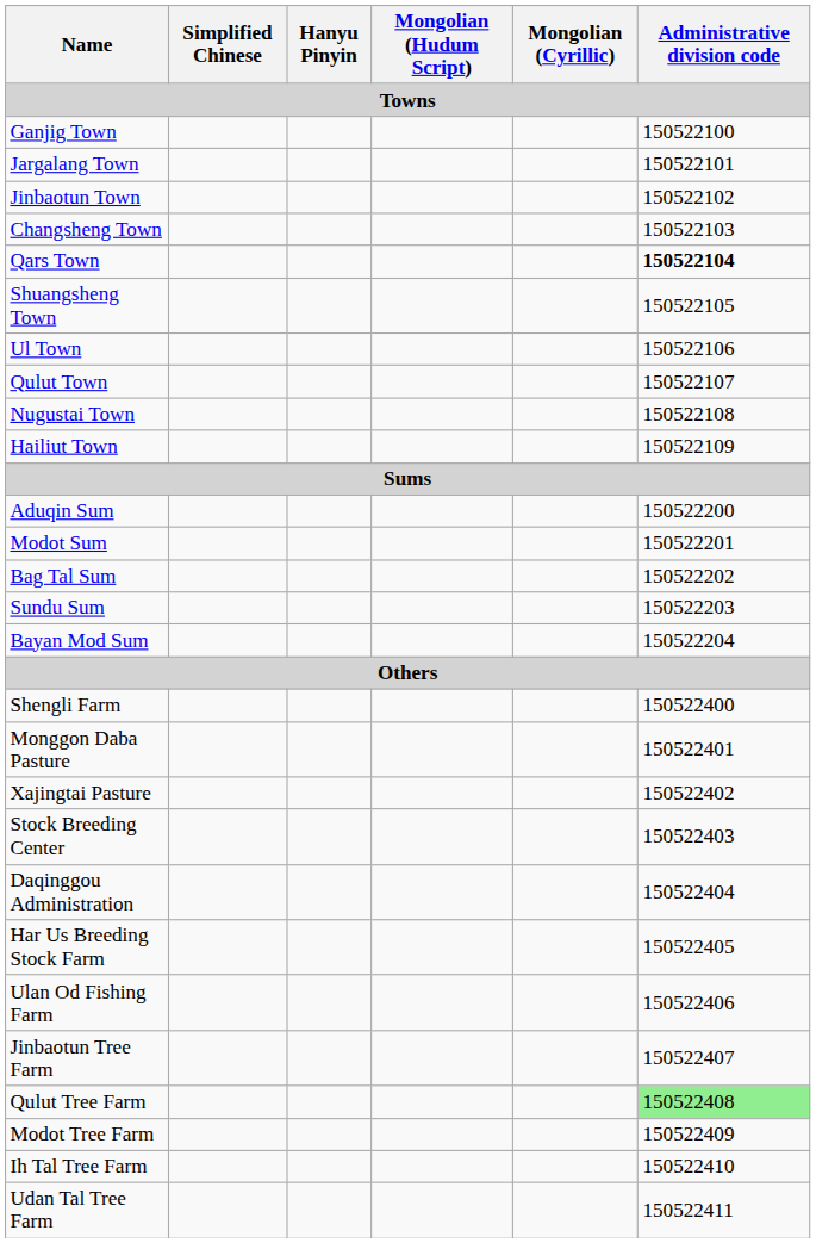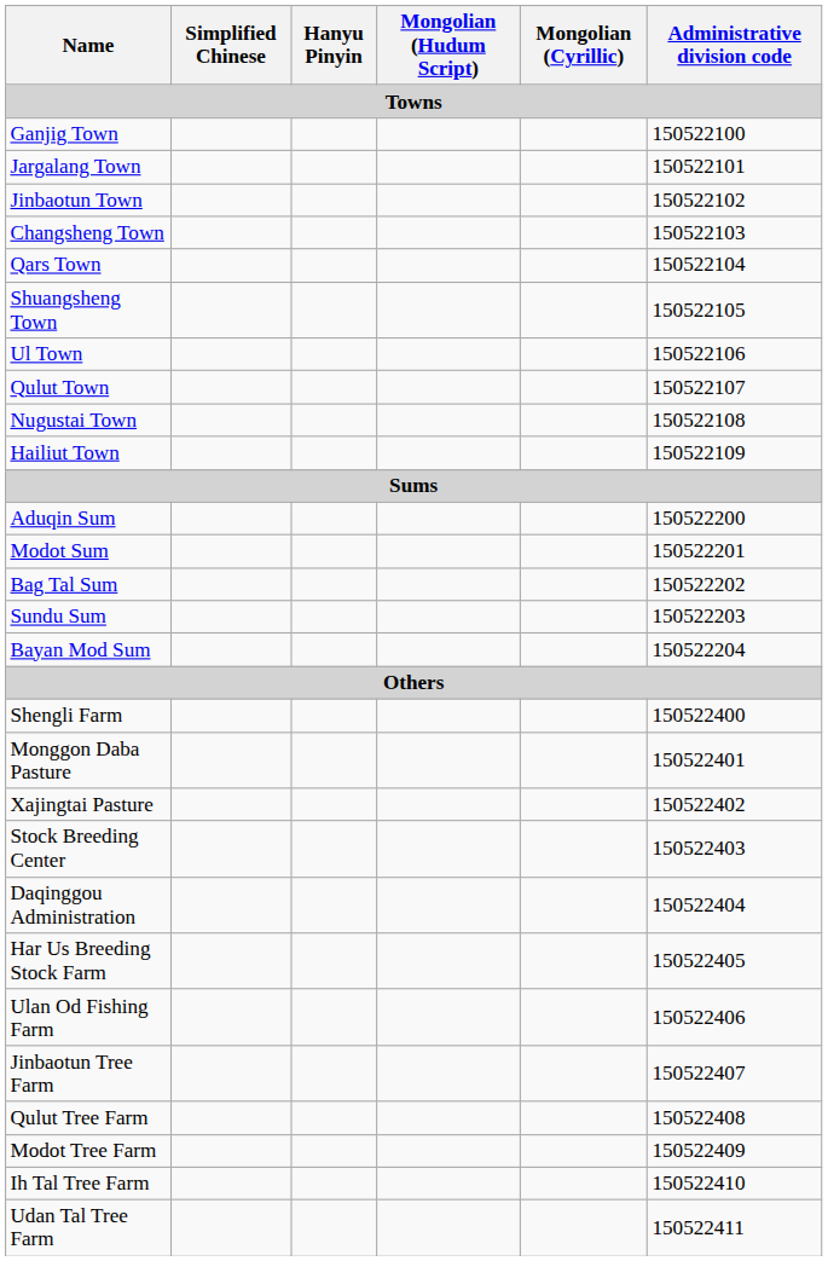 <table class="wikitable" align="center" style="width:50%; border="1">
 <tr>
 <th>Name</th>
 <th>Simplified Chinese</th>
 <th>Hanyu Pinyin</th>
 <th><a href='#'>Mongolian</a> (<a href='#'>Hudum Script</a>)</th>
 <th>Mongolian (<a href='#'>Cyrillic</a>)</th>
 <th><a href='#'>Administrative division code</a></th>
 </tr>
 <tr>
 <td colspan="6"  style="text-align:center; background:#d3d3d3;"><strong>Towns</strong></td>
 </tr>
 <tr --------->
 <td><a href='#'>Ganjig Town</a></td>
 <td></td>
 <td></td>
 <td></td>
 <td></td>
 <td>150522100</td>
 </tr>
 <tr>
 <td><a href='#'>Jargalang Town</a></td>
 <td></td>
 <td></td>
 <td></td>
 <td></td>
 <td>150522101</td>
 </tr>
 <tr>
 <td><a href='#'>Jinbaotun Town</a></td>
 <td></td>
 <td></td>
 <td></td>
 <td></td>
 <td>150522102</td>
 </tr>
 <tr>
 <td><a href='#'>Changsheng Town</a></td>
 <td></td>
 <td></td>
 <td></td>
 <td></td>
 <td>150522103</td>
 </tr>
 <tr>
 <td><a href='#'>Qars Town</a></td>
 <td></td>
 <td></td>
 <td></td>
 <td></td>
-<td><strong>150522104</strong></td>
+<td>150522104</td>
 </tr>
 <tr>
 <td><a href='#'>Shuangsheng Town</a></td>
 <td></td>
 <td></td>
 <td></td>
 <td></td>
 <td>150522105</td>
 </tr>
 <tr>
 <td><a href='#'>Ul Town</a></td>
 <td></td>
 <td></td>
 <td></td>
 <td></td>
 <td>150522106</td>
 </tr>
 <tr>
 <td><a href='#'>Qulut Town</a></td>
 <td></td>
 <td></td>
 <td></td>
 <td></td>
 <td>150522107</td>
 </tr>
 <tr>
 <td><a href='#'>Nugustai Town</a></td>
 <td></td>
 <td></td>
 <td></td>
 <td></td>
 <td>150522108</td>
 </tr>
 <tr>
 <td><a href='#'>Hailiut Town</a></td>
 <td></td>
 <td></td>
 <td></td>
 <td></td>
 <td>150522109</td>
 </tr>
 <tr>
 <td colspan="6"  style="text-align:center; background:#d3d3d3;"><strong>Sums</strong></td>
 </tr>
 <tr --------->
 <td><a href='#'>Aduqin Sum</a></td>
 <td></td>
 <td></td>
 <td></td>
 <td></td>
 <td>150522200</td>
 </tr>
 <tr>
 <td><a href='#'>Modot Sum</a></td>
 <td></td>
 <td></td>
 <td></td>
 <td></td>
 <td>150522201</td>
 </tr>
 <tr>
 <td><a href='#'>Bag Tal Sum</a></td>
 <td></td>
 <td></td>
 <td></td>
 <td></td>
 <td>150522202</td>
 </tr>
 <tr>
 <td><a href='#'>Sundu Sum</a></td>
 <td></td>
 <td></td>
 <td></td>
 <td></td>
 <td>150522203</td>
 </tr>
 <tr>
 <td><a href='#'>Bayan Mod Sum</a></td>
 <td></td>
 <td></td>
 <td></td>
 <td></td>
 <td>150522204</td>
 </tr>
 <tr>
 <td colspan="6"  style="text-align:center; background:#d3d3d3;"><strong>Others</strong></td>
 </tr>
 <tr --------->
 <td>Shengli Farm</td>
 <td></td>
 <td></td>
 <td></td>
 <td></td>
 <td>150522400</td>
 </tr>
 <tr>
 <td>Monggon Daba Pasture</td>
 <td></td>
 <td></td>
 <td></td>
 <td></td>
 <td>150522401</td>
 </tr>
 <tr>
 <td>Xajingtai Pasture</td>
 <td></td>
 <td></td>
 <td></td>
 <td></td>
 <td>150522402</td>
 </tr>
 <tr>
 <td>Stock Breeding Center</td>
 <td></td>
 <td></td>
 <td></td>
 <td></td>
 <td>150522403</td>
 </tr>
 <tr>
 <td>Daqinggou Administration</td>
 <td></td>
 <td></td>
 <td></td>
 <td></td>
 <td>150522404</td>
 </tr>
 <tr>
 <td>Har Us Breeding Stock Farm</td>
 <td></td>
 <td></td>
 <td></td>
 <td></td>
 <td>150522405</td>
 </tr>
 <tr>
 <td>Ulan Od Fishing Farm</td>
 <td></td>
 <td></td>
 <td></td>
 <td></td>
 <td>150522406</td>
 </tr>
 <tr>
 <td>Jinbaotun Tree Farm</td>
 <td></td>
 <td></td>
 <td></td>
 <td></td>
 <td>150522407</td>
 </tr>
 <tr>
 <td>Qulut Tree Farm</td>
 <td></td>
 <td></td>
 <td></td>
 <td></td>
-<td style="background: lightgreen;">150522408</td>
+<td>150522408</td>
 </tr>
 <tr>
 <td>Modot Tree Farm</td>
 <td></td>
 <td></td>
 <td></td>
 <td></td>
 <td>150522409</td>
 </tr>
 <tr>
 <td>Ih Tal Tree Farm</td>
 <td></td>
 <td></td>
 <td></td>
 <td></td>
 <td>150522410</td>
 </tr>
 <tr>
 <td>Udan Tal Tree Farm</td>
 <td></td>
 <td></td>
 <td></td>
 <td></td>
 <td>150522411</td>
 </tr>
 </table>
